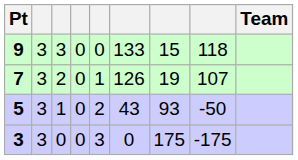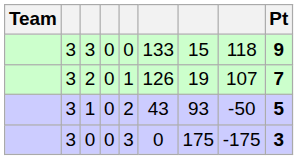 <table class="wikitable" style="text-align: center;">
 <tr>
-<th>Pt</th>
+<th>Team</th>
 <th></th>
 <th></th>
 <th></th>
 <th></th>
 <th></th>
 <th></th>
 <th></th>
-<th>Team</th>
+<th>Pt</th>
 </tr>
 <tr bgcolor="ccffcc">
-<td><strong>9</strong></td>
+<td align="left"></td>
 <td>3</td>
 <td>3</td>
 <td>0</td>
 <td>0</td>
 <td>133</td>
 <td>15</td>
 <td>118</td>
-<td align="left"></td>
+<td><strong>9</strong></td>
 </tr>
 <tr bgcolor="ccffcc">
-<td><strong>7</strong></td>
+<td align="left"></td>
 <td>3</td>
 <td>2</td>
 <td>0</td>
 <td>1</td>
 <td>126</td>
 <td>19</td>
 <td>107</td>
-<td align="left"></td>
+<td><strong>7</strong></td>
 </tr>
 <tr bgcolor="ccccff">
-<td><strong>5</strong></td>
+<td align="left"></td>
 <td>3</td>
 <td>1</td>
 <td>0</td>
 <td>2</td>
 <td>43</td>
 <td>93</td>
 <td>-50</td>
-<td align="left"></td>
+<td><strong>5</strong></td>
 </tr>
 <tr bgcolor="ccccff">
-<td><strong>3</strong></td>
+<td align="left"></td>
 <td>3</td>
 <td>0</td>
 <td>0</td>
 <td>3</td>
 <td>0</td>
 <td>175</td>
 <td>-175</td>
-<td align="left"></td>
+<td><strong>3</strong></td>
 </tr>
 </table>
